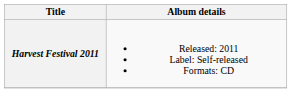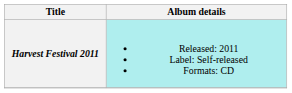 <table class="wikitable plainrowheaders" style="text-align:center;">
 <tr>
 <th scope="col" style="width:10em;">Title</th>
 <th scope="col" style="width:18em;">Album details</th>
 </tr>
 <tr>
 <th scope="row"><em>Harvest Festival 2011</em></th>
-<td><br><ul><li>Released: 2011</li><li>Label: Self-released</li><li>Formats: CD</li></ul></td>
+<td style="background: paleturquoise;"><br><ul><li>Released: 2011</li><li>Label: Self-released</li><li>Formats: CD</li></ul></td>
 </tr>
 <tr>
 </tr>
 </table>
